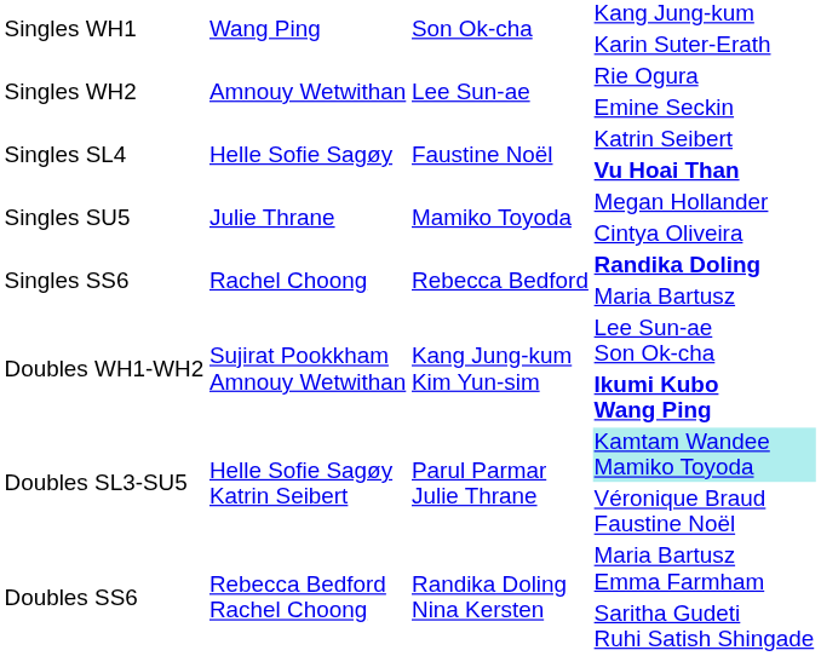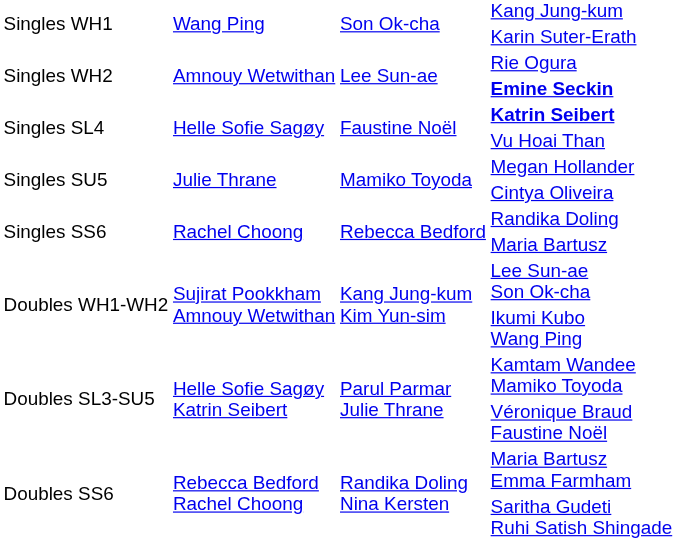 <table>
 <tr>
 <td rowspan=2>Singles WH1</td>
 <td rowspan=2> <a href='#'>Wang Ping</a></td>
 <td rowspan=2> <a href='#'>Son Ok-cha</a></td>
 <td> <a href='#'>Kang Jung-kum</a></td>
 </tr>
 <tr>
 <td> <a href='#'>Karin Suter-Erath</a></td>
 </tr>
 <tr>
 <td rowspan=2>Singles WH2</td>
 <td rowspan=2> <a href='#'>Amnouy Wetwithan</a></td>
 <td rowspan=2> <a href='#'>Lee Sun-ae</a></td>
 <td> <a href='#'>Rie Ogura</a></td>
 </tr>
 <tr>
-<td> <a href='#'>Emine Seckin</a></td>
+<td><strong> <a href='#'>Emine Seckin</a></strong></td>
 </tr>
 <tr>
 <td rowspan=2>Singles SL4</td>
 <td rowspan=2> <a href='#'>Helle Sofie Sagøy</a></td>
 <td rowspan=2> <a href='#'>Faustine Noël</a></td>
-<td> <a href='#'>Katrin Seibert</a></td>
+<td><strong> <a href='#'>Katrin Seibert</a></strong></td>
 </tr>
 <tr>
-<td><strong> <a href='#'>Vu Hoai Than</a></strong></td>
+<td> <a href='#'>Vu Hoai Than</a></td>
 </tr>
 <tr>
 <td rowspan=2>Singles SU5</td>
 <td rowspan=2> <a href='#'>Julie Thrane</a></td>
 <td rowspan=2> <a href='#'>Mamiko Toyoda</a></td>
 <td> <a href='#'>Megan Hollander</a></td>
 </tr>
 <tr>
 <td> <a href='#'>Cintya Oliveira</a></td>
 </tr>
 <tr>
 <td rowspan=2>Singles SS6</td>
 <td rowspan=2> <a href='#'>Rachel Choong</a></td>
 <td rowspan=2> <a href='#'>Rebecca Bedford</a></td>
-<td><strong> <a href='#'>Randika Doling</a></strong></td>
+<td> <a href='#'>Randika Doling</a></td>
 </tr>
 <tr>
 <td> <a href='#'>Maria Bartusz</a></td>
 </tr>
 <tr>
 <td rowspan=2>Doubles WH1-WH2</td>
 <td rowspan=2> <a href='#'>Sujirat Pookkham</a><br> <a href='#'>Amnouy Wetwithan</a></td>
 <td rowspan=2> <a href='#'>Kang Jung-kum</a><br> <a href='#'>Kim Yun-sim</a></td>
 <td> <a href='#'>Lee Sun-ae</a><br> <a href='#'>Son Ok-cha</a></td>
 </tr>
 <tr>
-<td><strong> <a href='#'>Ikumi Kubo</a><br> <a href='#'>Wang Ping</a></strong></td>
+<td> <a href='#'>Ikumi Kubo</a><br> <a href='#'>Wang Ping</a></td>
 </tr>
 <tr>
 <td rowspan=2>Doubles SL3-SU5</td>
 <td rowspan=2> <a href='#'>Helle Sofie Sagøy</a><br> <a href='#'>Katrin Seibert</a></td>
 <td rowspan=2> <a href='#'>Parul Parmar</a><br> <a href='#'>Julie Thrane</a></td>
-<td style="background: paleturquoise;"> <a href='#'>Kamtam Wandee</a><br> <a href='#'>Mamiko Toyoda</a></td>
+<td> <a href='#'>Kamtam Wandee</a><br> <a href='#'>Mamiko Toyoda</a></td>
 </tr>
 <tr>
 <td> <a href='#'>Véronique Braud</a><br> <a href='#'>Faustine Noël</a></td>
 </tr>
 <tr>
 <td rowspan=2>Doubles SS6</td>
 <td rowspan=2> <a href='#'>Rebecca Bedford</a><br> <a href='#'>Rachel Choong</a></td>
 <td rowspan=2> <a href='#'>Randika Doling</a><br> <a href='#'>Nina Kersten</a></td>
 <td> <a href='#'>Maria Bartusz</a><br> <a href='#'>Emma Farmham</a></td>
 </tr>
 <tr>
 <td> <a href='#'>Saritha Gudeti</a><br> <a href='#'>Ruhi Satish Shingade</a></td>
 </tr>
 </table>
